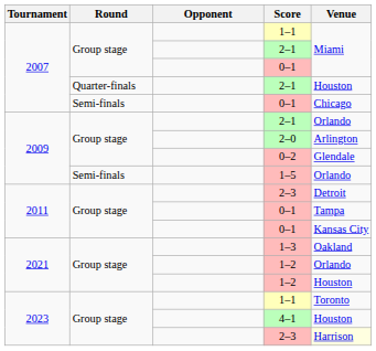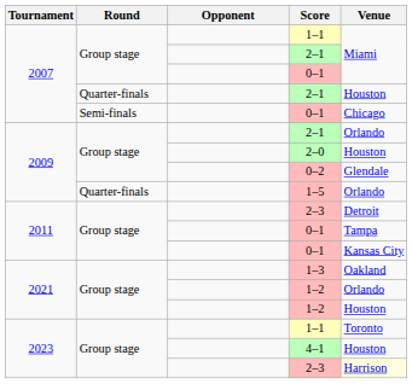 <table class="wikitable sortable" style="text-align:left;">
 <tr>
 <th>Tournament</th>
 <th width=110>Round</th>
 <th width=150>Opponent</th>
 <th width=60>Score</th>
 <th width=>Venue</th>
 </tr>
 <tr>
 <td rowspan="5" align=center> <a href='#'>2007</a></td>
 <td rowspan="3">Group stage</td>
 <td></td>
 <td align=center bgcolor="#ffffbb">1–1</td>
 <td rowspan=3><a href='#'>Miami</a></td>
 </tr>
 <tr>
 <td></td>
 <td align=center bgcolor="#bbffbb">2–1</td>
 </tr>
 <tr>
 <td></td>
 <td align=center bgcolor="#ffbbbb">0–1</td>
 </tr>
 <tr>
 <td>Quarter-finals</td>
 <td></td>
 <td align=center bgcolor='#bbffbb'>2–1</td>
 <td><a href='#'>Houston</a></td>
 </tr>
 <tr>
 <td>Semi-finals</td>
 <td></td>
 <td align=center bgcolor="#ffbbbb">0–1</td>
 <td><a href='#'>Chicago</a></td>
 </tr>
 <tr>
 <td rowspan="4" align=center> <a href='#'>2009</a></td>
 <td rowspan="3">Group stage</td>
 <td></td>
 <td align=center bgcolor="#bbffbb">2–1</td>
 <td><a href='#'>Orlando</a></td>
 </tr>
 <tr>
 <td></td>
 <td align=center bgcolor="#bbffbb">2–0</td>
-<td><a href='#'>Arlington</a></td>
+<td><a href='#'>Houston</a></td>
 </tr>
 <tr>
 <td></td>
 <td align=center bgcolor="#ffbbbb">0–2</td>
 <td><a href='#'>Glendale</a></td>
 </tr>
 <tr>
-<td>Semi-finals</td>
+<td>Quarter-finals</td>
 <td></td>
 <td align=center bgcolor="#ffbbbb">1–5</td>
 <td><a href='#'>Orlando</a></td>
 </tr>
 <tr>
 <td rowspan="3" align=center> <a href='#'>2011</a></td>
 <td rowspan="3">Group stage</td>
 <td></td>
 <td align=center bgcolor="#ffbbbb">2–3</td>
 <td><a href='#'>Detroit</a></td>
 </tr>
 <tr>
 <td></td>
 <td align=center bgcolor="#ffbbbb">0–1</td>
 <td><a href='#'>Tampa</a></td>
 </tr>
 <tr>
 <td></td>
 <td align=center bgcolor="#ffbbbb">0–1</td>
 <td><a href='#'>Kansas City</a></td>
 </tr>
 <tr>
 <td rowspan="3" align=center> <a href='#'>2021</a></td>
 <td rowspan="3">Group stage</td>
 <td></td>
 <td align=center bgcolor="#ffbbbb">1–3</td>
 <td><a href='#'>Oakland</a></td>
 </tr>
 <tr>
 <td></td>
 <td align=center bgcolor="#ffbbbb">1–2</td>
 <td><a href='#'>Orlando</a></td>
 </tr>
 <tr>
 <td></td>
 <td align=center bgcolor="#ffbbbb">1–2</td>
 <td><a href='#'>Houston</a></td>
 </tr>
 <tr>
 <td rowspan="3" align=center>  <a href='#'>2023</a></td>
 <td rowspan="3">Group stage</td>
 <td></td>
 <td align=center bgcolor="#ffffbb">1–1</td>
 <td><a href='#'>Toronto</a></td>
 </tr>
 <tr>
 <td></td>
 <td align=center bgcolor="#bbffbb">4–1</td>
 <td><a href='#'>Houston</a></td>
 </tr>
 <tr>
 <td></td>
 <td align=center bgcolor="#ffbbbb">2–3</td>
 <td style="background: lightyellow;"><a href='#'>Harrison</a></td>
 </tr>
 </table>
